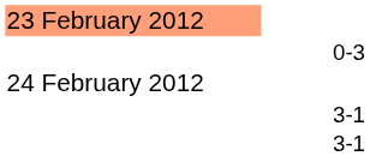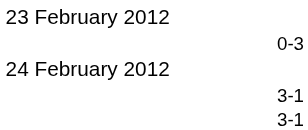 <table style="width:50%;" cellspacing="1">
 <tr>
 <th width=15%></th>
 <th width=10%></th>
 <th width=15%></th>
 </tr>
 <tr>
-<td style="background: lightsalmon;">23 February 2012</td>
+<td>23 February 2012</td>
 </tr>
 <tr style=font-size:90%>
 <td align=right></td>
 <td align=center>0-3</td>
 <td></td>
 </tr>
 <tr>
 <td>24 February 2012</td>
 </tr>
 <tr style=font-size:90%>
 <td align=right></td>
 <td align=center>3-1</td>
 <td></td>
 </tr>
 <tr style=font-size:90%>
 <td align=right></td>
 <td align=center>3-1</td>
 <td></td>
 </tr>
 </table>
